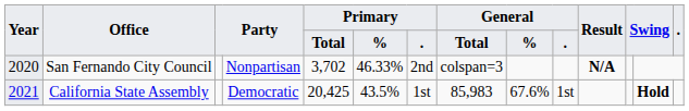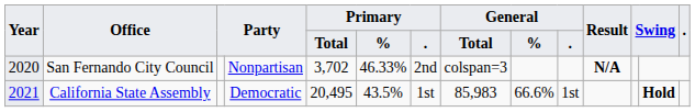 <table class="wikitable" style="font-size:90%; text-align:center;">
 <tr>
 <th style="background-color:#EAECF0;" rowspan=2>Year</th>
 <th style="background-color:#EAECF0;" rowspan=2>Office</th>
 <th style="background-color:#EAECF0;" colspan=2 rowspan=2>Party</th>
 <th style="background-color:#EAECF0;" colspan=3>Primary</th>
 <th style="background-color:#EAECF0;" colspan=3>General</th>
 <th style="background-color:#EAECF0;" rowspan=2>Result</th>
 <th style="background-color:#EAECF0;" colspan=2 rowspan=2><a href='#'>Swing</a></th>
 <th style="background-color:#EAECF0;" rowspan=2>.</th>
 </tr>
 <tr>
 <th style="background-color:#EAECF0;">Total</th>
 <th style="background-color:#EAECF0;">%</th>
 <th style="background-color:#EAECF0;">.</th>
 <th style="background-color:#EAECF0;">Total</th>
 <th style="background-color:#EAECF0;">%</th>
 <th style="background-color:#EAECF0;">.</th>
 </tr>
 <tr>
 <td style="background-color:#EAECF0;">2020</td>
 <td>San Fernando City Council</td>
 <td style="background-color:"></td>
 <td><a href='#'>Nonpartisan</a></td>
 <td>3,702</td>
 <td>46.33%</td>
 <td>2nd</td>
 <td>colspan=3 </td>
 <td></td>
 <td style="background-color:"></td>
 <td><strong>N/A</strong></td>
 <td></td>
 </tr>
 <tr>
 <td style="background-color:#EAECF0;"><a href='#'>2021</a></td>
 <td><a href='#'>California State Assembly</a></td>
 <td style="background-color:"></td>
 <td><a href='#'>Democratic</a></td>
-<td>20,425</td>
+<td>20,495</td>
 <td>43.5%</td>
 <td>1st</td>
 <td>85,983</td>
-<td>67.6%</td>
+<td>66.6%</td>
 <td>1st</td>
 <td></td>
 <td style="background-color:"></td>
 <td><strong>Hold</strong></td>
 <td></td>
 </tr>
 </table>
